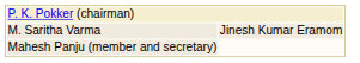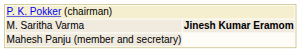 <table style="border: 1px solid #BEB168;background-color:#FDFCF6;">
 <tr>
 <td colspan="2" style="background-color:#F5EFD0;"> <a href='#'>P. K. Pokker</a> (chairman)</td>
 </tr>
 <tr style="background-color:#F0EADF;">
 <td> M. Saritha Varma</td>
-<td> Jinesh Kumar Eramom</td>
+<td><strong> Jinesh Kumar Eramom</strong></td>
 </tr>
 <tr style="background-color:#F0EADF;">
 <td> Mahesh Panju (member and secretary)</td>
 </tr>
 </table>
